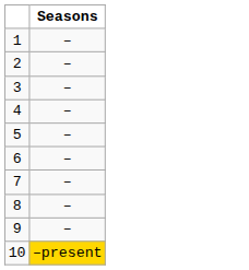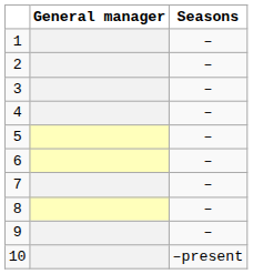 <table class="wikitable sortable plainrowheaders" style="text-align:center;">
 <tr>
 <th scope="col" style="background-color:#ffffff; border-top:#"></th>
+<th scope="col" style="background-color:#ffffff; border-top:#">General manager</th>
 <th scope="col" style="background-color:#ffffff; border-top:#">Seasons</th>
 </tr>
 <tr>
 <td>1</td>
+<th scope="row" style="text-align:center"></th>
 <td>–</td>
 </tr>
 <tr>
 <td>2</td>
+<th scope="row" style="text-align:center"></th>
 <td>–</td>
 </tr>
 <tr>
 <td>3</td>
+<th scope="row" style="text-align:center"></th>
 <td>–</td>
 </tr>
 <tr>
 <td>4</td>
+<th scope="row" style="text-align:center"></th>
 <td>–</td>
 </tr>
 <tr>
 <td>5</td>
+<th scope="row" style="text-align:center; background:#FFFFBB"></th>
 <td>–</td>
 </tr>
 <tr>
 <td>6</td>
+<th scope="row" style="text-align:center; background:#FFFFBB"></th>
 <td>–</td>
 </tr>
 <tr>
 <td>7</td>
+<th scope="row" style="text-align:center"></th>
 <td>–</td>
 </tr>
 <tr>
 <td>8</td>
+<th scope="row" style="text-align:center; background:#FFFFBB"></th>
 <td>–</td>
 </tr>
 <tr>
 <td>9</td>
+<th scope="row" style="text-align:center"></th>
 <td>–</td>
 </tr>
 <tr>
 <td>10</td>
-<td style="background: gold;">–present</td>
+<th scope="row" style="text-align:center"></th>
+<td>–present</td>
 </tr>
 </table>
